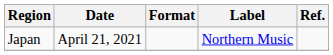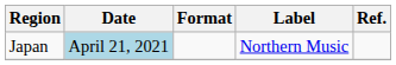 <table class="wikitable sortable plainrowheaders">
 <tr>
 <th scope="col">Region</th>
 <th scope="col">Date</th>
 <th scope="col">Format</th>
 <th scope="col">Label</th>
 <th scope="col">Ref.</th>
 </tr>
 <tr>
 <td rowspan="1">Japan</td>
-<td>April 21, 2021</td>
+<td style="background: lightblue;">April 21, 2021</td>
 <td></td>
 <td rowspan="1"><a href='#'>Northern Music</a></td>
 <td></td>
 </tr>
 <tr>
 </tr>
 </table>
